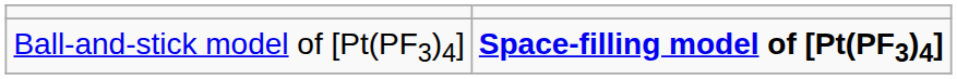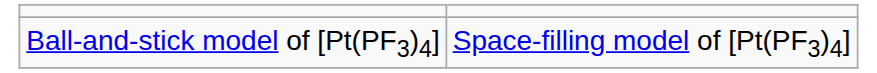 <table class="wikitable" style="margin:1em auto; text-align:center;">
 <tr>
 <td></td>
 <td></td>
 </tr>
 <tr>
 <td><a href='#'>Ball-and-stick model</a> of [Pt(PF<sub>3</sub>)<sub>4</sub>]</td>
-<td><strong><a href='#'>Space-filling model</a> of [Pt(PF<sub>3</sub>)<sub>4</sub>]</strong></td>
+<td><a href='#'>Space-filling model</a> of [Pt(PF<sub>3</sub>)<sub>4</sub>]</td>
 </tr>
 </table>
